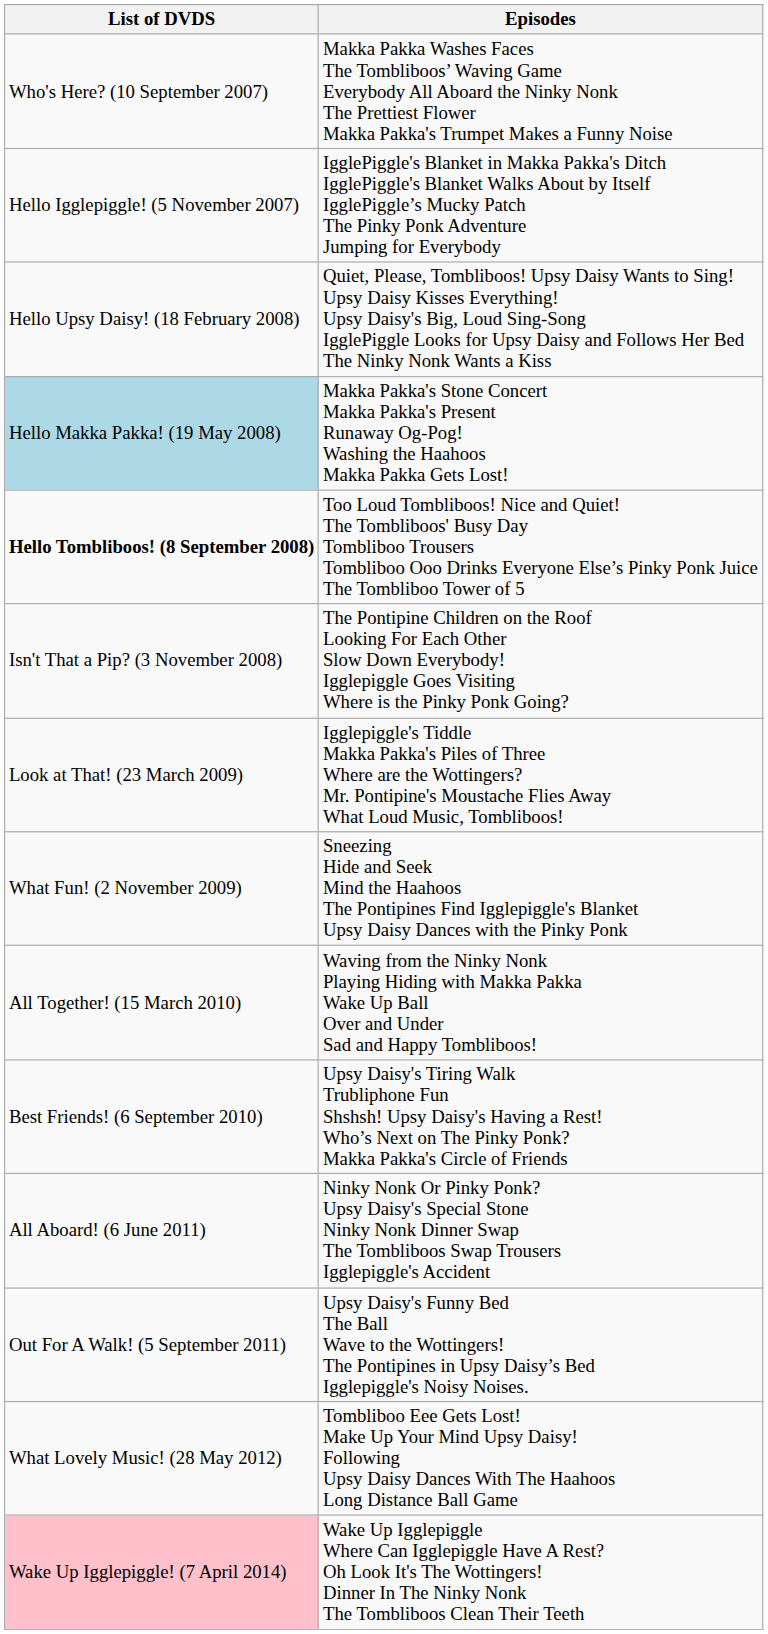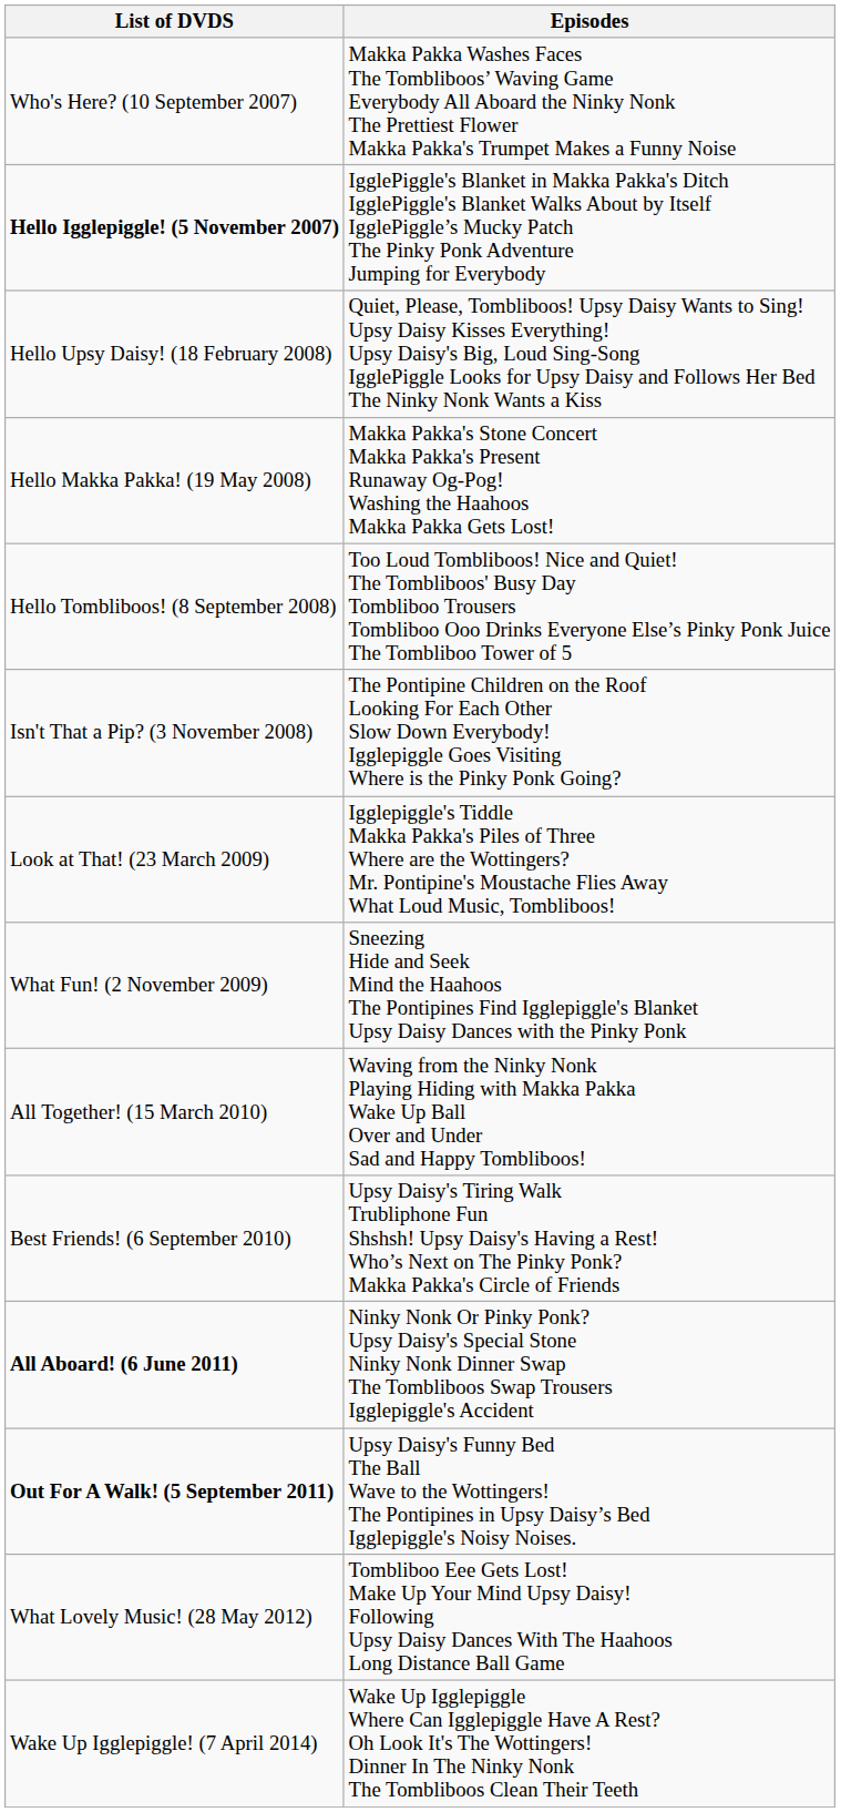 <table class="wikitable">
 <tr>
 <th>List of DVDS</th>
 <th>Episodes</th>
 </tr>
 <tr>
 <td>Who's Here? (10 September 2007)</td>
 <td>Makka Pakka Washes Faces<br>The Tombliboos’ Waving Game<br>Everybody All Aboard the Ninky Nonk<br>The Prettiest Flower<br>Makka Pakka's Trumpet Makes a Funny Noise</td>
 </tr>
 <tr>
-<td>Hello Igglepiggle! (5 November 2007)</td>
+<td><strong>Hello Igglepiggle! (5 November 2007)</strong></td>
 <td>IgglePiggle's Blanket in Makka Pakka's Ditch<br>IgglePiggle's Blanket Walks About by Itself<br>IgglePiggle’s Mucky Patch<br>The Pinky Ponk Adventure<br>Jumping for Everybody</td>
 </tr>
 <tr>
 <td>Hello Upsy Daisy! (18 February 2008)</td>
 <td>Quiet, Please, Tombliboos! Upsy Daisy Wants to Sing!<br>Upsy Daisy Kisses Everything!<br>Upsy Daisy's Big, Loud Sing-Song<br>IgglePiggle Looks for Upsy Daisy and Follows Her Bed<br>The Ninky Nonk Wants a Kiss</td>
 </tr>
 <tr>
-<td style="background: lightblue;">Hello Makka Pakka! (19 May 2008)</td>
+<td>Hello Makka Pakka! (19 May 2008)</td>
 <td>Makka Pakka's Stone Concert<br>Makka Pakka's Present<br>Runaway Og-Pog!<br>Washing the Haahoos<br>Makka Pakka Gets Lost!</td>
 </tr>
 <tr>
-<td><strong>Hello Tombliboos! (8 September 2008)</strong></td>
+<td>Hello Tombliboos! (8 September 2008)</td>
 <td>Too Loud Tombliboos! Nice and Quiet! <br>The Tombliboos' Busy Day<br>Tombliboo Trousers<br>Tombliboo Ooo Drinks Everyone Else’s Pinky Ponk Juice <br>The Tombliboo Tower of 5</td>
 </tr>
 <tr>
 <td>Isn't That a Pip? (3 November 2008)</td>
 <td>The Pontipine Children on the Roof<br>Looking For Each Other<br>Slow Down Everybody!<br>Igglepiggle Goes Visiting<br>Where is the Pinky Ponk Going?</td>
 </tr>
 <tr>
 <td>Look at That! (23 March 2009)</td>
 <td>Igglepiggle's Tiddle<br>Makka Pakka's Piles of Three<br>Where are the Wottingers?<br>Mr. Pontipine's Moustache Flies Away<br>What Loud Music, Tombliboos!</td>
 </tr>
 <tr>
 <td>What Fun! (2 November 2009)</td>
 <td>Sneezing<br>Hide and Seek<br>Mind the Haahoos<br>The Pontipines Find Igglepiggle's Blanket<br>Upsy Daisy Dances with the Pinky Ponk</td>
 </tr>
 <tr>
 <td>All Together! (15 March 2010)</td>
 <td>Waving from the Ninky Nonk<br>Playing Hiding with Makka Pakka<br>Wake Up Ball<br>Over and Under<br>Sad and Happy Tombliboos!</td>
 </tr>
 <tr>
 <td>Best Friends! (6 September 2010)</td>
 <td>Upsy Daisy's Tiring Walk<br>Trubliphone Fun<br>Shshsh! Upsy Daisy's Having a Rest!<br>Who’s Next on The Pinky Ponk?<br>Makka Pakka's Circle of Friends</td>
 </tr>
 <tr>
-<td>All Aboard! (6 June 2011)</td>
+<td><strong>All Aboard! (6 June 2011)</strong></td>
 <td>Ninky Nonk Or Pinky Ponk?<br>Upsy Daisy's Special Stone<br>Ninky Nonk Dinner Swap<br>The Tombliboos Swap Trousers<br>Igglepiggle's Accident</td>
 </tr>
 <tr>
-<td>Out For A Walk! (5 September 2011)</td>
+<td><strong>Out For A Walk! (5 September 2011)</strong></td>
 <td>Upsy Daisy's Funny Bed<br>The Ball <br>Wave to the Wottingers!<br>The Pontipines in Upsy Daisy’s Bed<br>Igglepiggle's Noisy Noises.</td>
 </tr>
 <tr>
 <td>What Lovely Music! (28 May 2012)</td>
 <td>Tombliboo Eee Gets Lost!<br>Make Up Your Mind Upsy Daisy!<br>Following<br>Upsy Daisy Dances With The Haahoos<br>Long Distance Ball Game</td>
 </tr>
 <tr>
-<td style="background: pink;">Wake Up Igglepiggle! (7 April 2014)</td>
+<td>Wake Up Igglepiggle! (7 April 2014)</td>
 <td>Wake Up Igglepiggle<br>Where Can Igglepiggle Have A Rest?<br>Oh Look It's The Wottingers!<br>Dinner In The Ninky Nonk<br>The Tombliboos Clean Their Teeth</td>
 </tr>
 </table>
